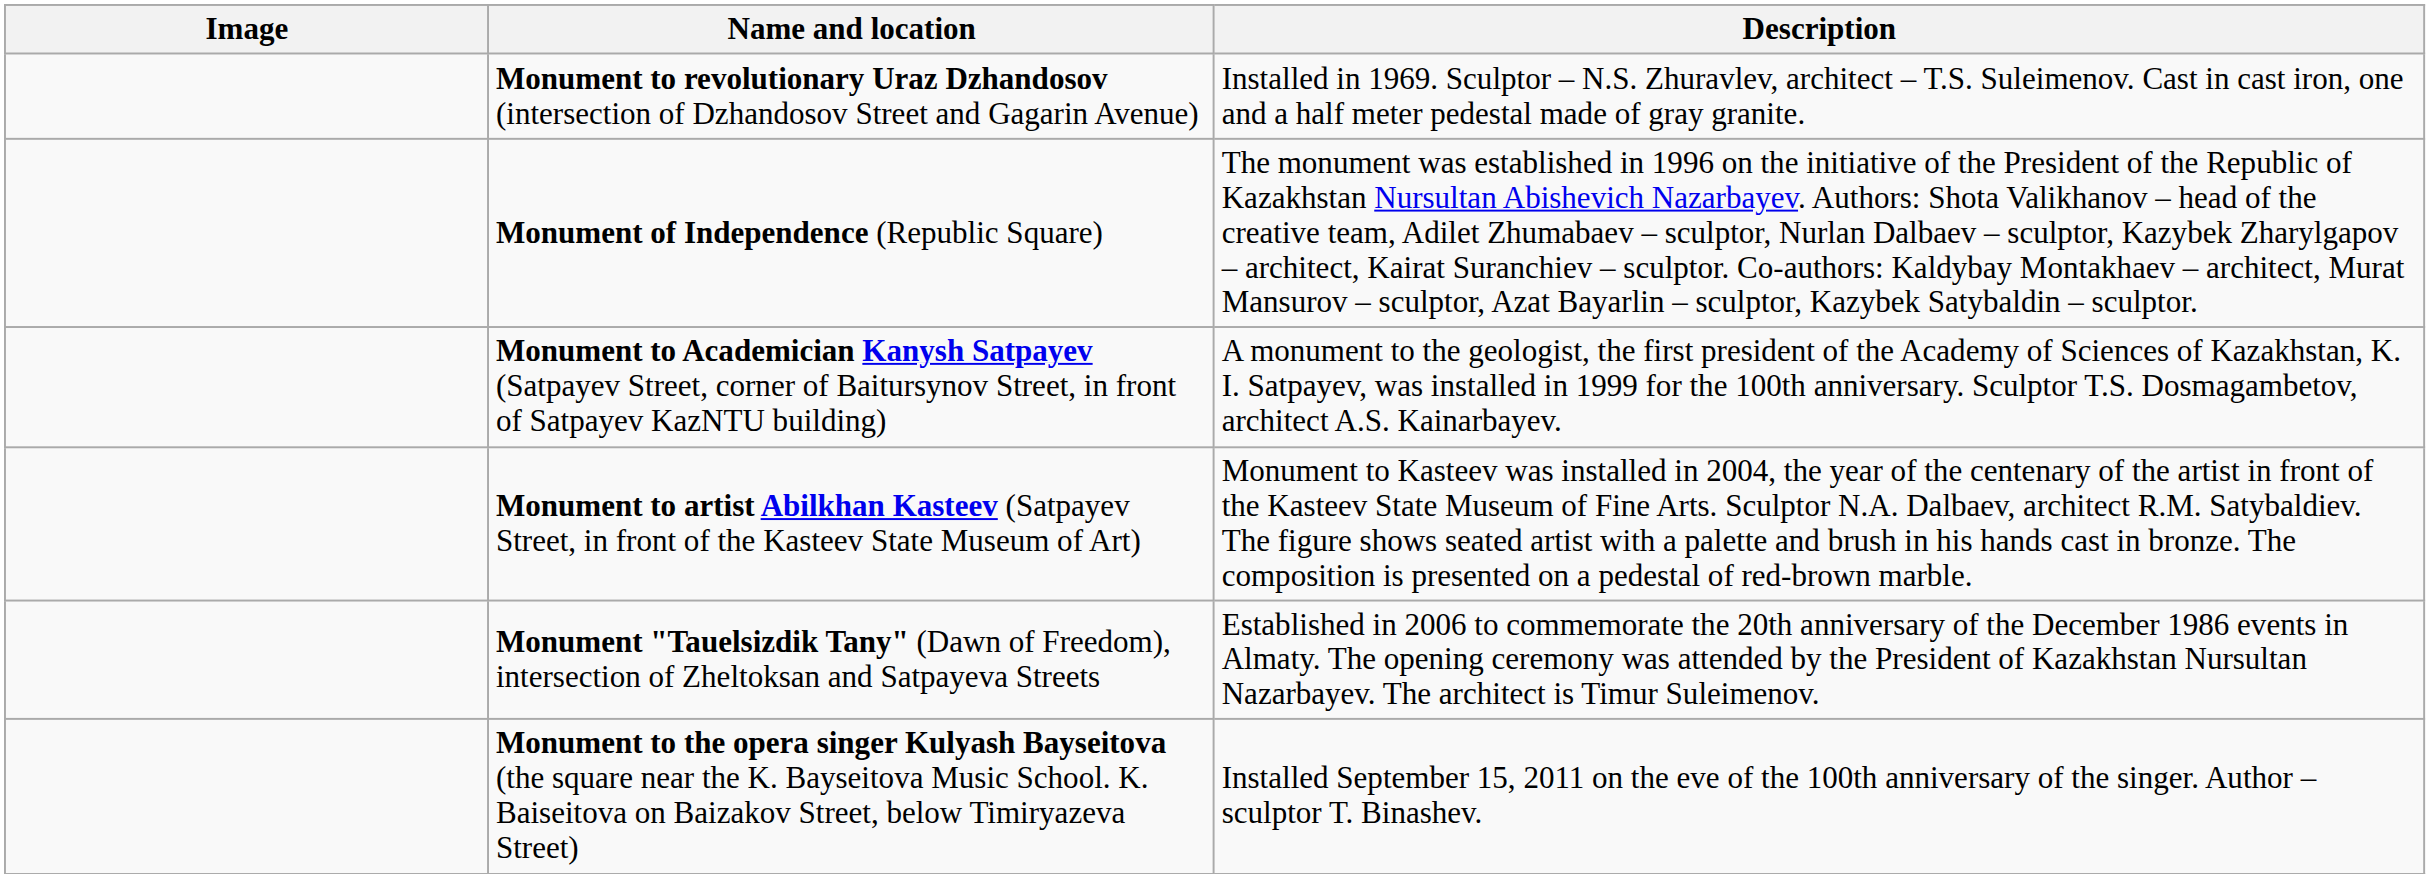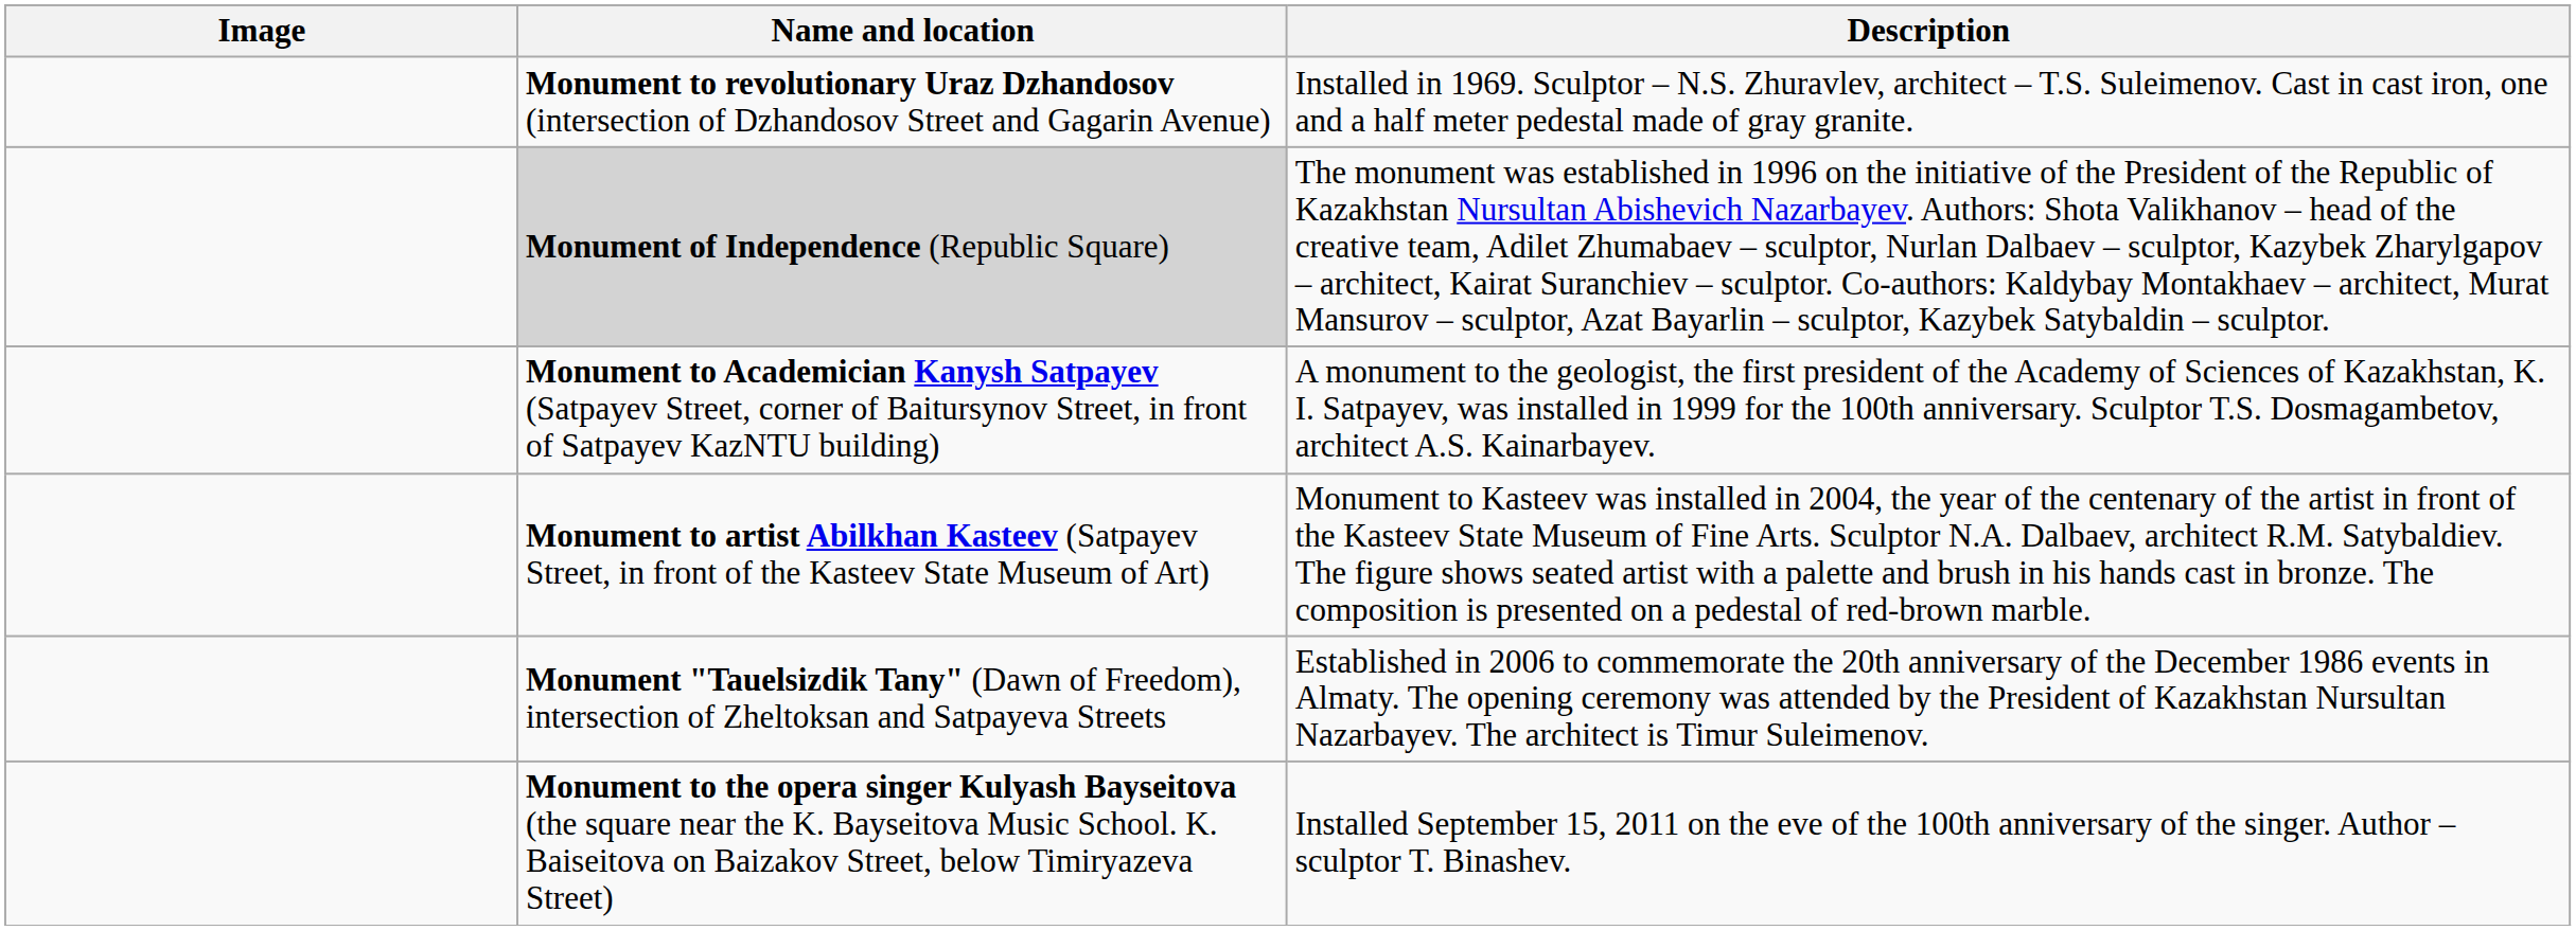 <table class="wikitable wide">
 <tr>
 <th width="20%">Image</th>
 <th width="30%">Name and location</th>
 <th width="50%">Description</th>
 </tr>
 <tr>
 <td></td>
 <td><strong>Monument to revolutionary Uraz Dzhandosov</strong> (intersection of Dzhandosov Street and Gagarin Avenue)</td>
 <td>Installed in 1969. Sculptor – N.S. Zhuravlev, architect – T.S. Suleimenov. Cast in cast iron, one and a half meter pedestal made of gray granite.</td>
 </tr>
 <tr>
 <td></td>
-<td><strong>Monument of Independence</strong> (Republic Square)</td>
+<td style="background: lightgrey;"><strong>Monument of Independence</strong> (Republic Square)</td>
 <td>The monument was established in 1996 on the initiative of the President of the Republic of Kazakhstan <a href='#'>Nursultan Abishevich Nazarbayev</a>. Authors: Shota Valikhanov – head of the creative team, Adilet Zhumabaev – sculptor, Nurlan Dalbaev – sculptor, Kazybek Zharylgapov – architect, Kairat Suranchiev – sculptor. Co-authors: Kaldybay Montakhaev – architect, Murat Mansurov – sculptor, Azat Bayarlin – sculptor, Kazybek Satybaldin – sculptor.</td>
 </tr>
 <tr>
 <td></td>
 <td><strong>Monument to Academician <a href='#'>Kanysh Satpayev</a></strong> (Satpayev Street, corner of Baitursynov Street, in front of Satpayev KazNTU building)</td>
 <td>A monument to the geologist, the first president of the Academy of Sciences of Kazakhstan, K. I. Satpayev, was installed in 1999 for the 100th anniversary. Sculptor T.S. Dosmagambetov, architect A.S. Kainarbayev.</td>
 </tr>
 <tr>
 <td></td>
 <td><strong>Monument to artist <a href='#'>Abilkhan Kasteev</a></strong> (Satpayev Street, in front of the Kasteev State Museum of Art)</td>
 <td>Monument to Kasteev was installed in 2004, the year of the centenary of the artist in front of the Kasteev State Museum of Fine Arts. Sculptor N.A. Dalbaev, architect R.M. Satybaldiev. The figure shows seated artist with a palette and brush in his hands cast in bronze. The composition is presented on a pedestal of red-brown marble.</td>
 </tr>
 <tr>
 <td></td>
 <td><strong>Monument "Tauelsizdik Tany"</strong> (Dawn of Freedom), intersection of Zheltoksan and Satpayeva Streets</td>
 <td>Established in 2006 to commemorate the 20th anniversary of the December 1986 events in Almaty. The opening ceremony was attended by the President of Kazakhstan Nursultan Nazarbayev. The architect is Timur Suleimenov.</td>
 </tr>
 <tr>
 <td></td>
 <td><strong>Monument to the opera singer Kulyash Bayseitova</strong> (the square near the K. Bayseitova Music School. K. Baiseitova on Baizakov Street, below Timiryazeva Street)</td>
 <td>Installed September 15, 2011 on the eve of the 100th anniversary of the singer. Author – sculptor T. Binashev.</td>
 </tr>
 <tr>
 </tr>
 </table>
